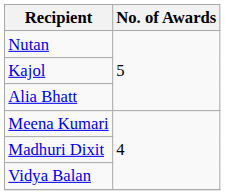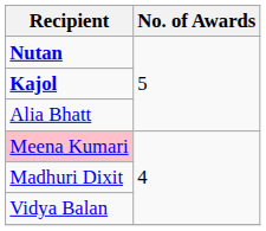 <table class="wikitable">
 <tr>
 <th>Recipient</th>
 <th>No. of Awards</th>
 </tr>
 <tr>
-<td><a href='#'>Nutan</a></td>
+<td><strong><a href='#'>Nutan</a></strong></td>
 <td rowspan="3">5</td>
 </tr>
 <tr>
-<td><a href='#'>Kajol</a></td>
+<td><strong><a href='#'>Kajol</a></strong></td>
 </tr>
 <tr>
 <td><a href='#'>Alia Bhatt</a></td>
 </tr>
 <tr>
-<td><a href='#'>Meena Kumari</a></td>
+<td style="background: pink;"><a href='#'>Meena Kumari</a></td>
 <td rowspan="3">4</td>
 </tr>
 <tr>
 <td><a href='#'>Madhuri Dixit</a></td>
 </tr>
 <tr>
 <td><a href='#'>Vidya Balan</a></td>
 </tr>
 <tr>
 </tr>
 </table>
